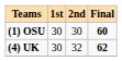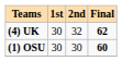 <table class="wikitable" align=right>
 <tr bgcolor=#ffdead align=center>
 <td colspan=1><strong>Teams</strong></td>
 <td colspan=1><strong>1st</strong></td>
 <td colspan=1><strong>2nd</strong></td>
 <td colspan=1><strong>Final</strong></td>
 </tr>
 <tr>
+<td><strong>(4) UK</strong></td>
+<td align=center>30</td>
+<td align=center>32</td>
+<td align=center><strong>62</strong></td>
+</tr>
+<tr>
 <td><strong>(1) OSU</strong></td>
 <td align=center>30</td>
 <td align=center>30</td>
 <td align=center><strong>60</strong></td>
 </tr>
 <tr>
-<td><strong>(4) UK</strong></td>
-<td align=center>30</td>
-<td align=center>32</td>
-<td align=center><strong>62</strong></td>
-</tr>
-<tr>
 </tr>
 </table>
